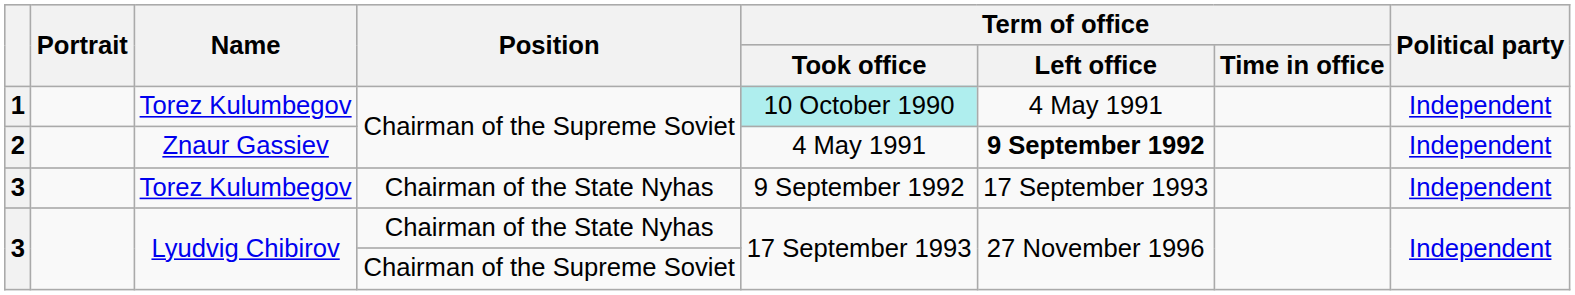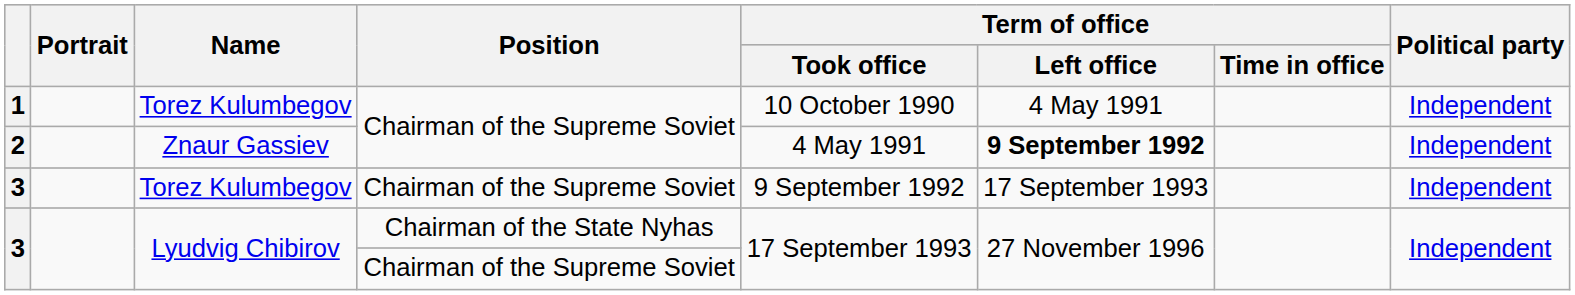 <table class="wikitable" style="text-align:center">
 <tr>
 <th rowspan=2></th>
 <th rowspan=2>Portrait</th>
 <th rowspan=2>Name<br></th>
 <th rowspan=2>Position</th>
 <th colspan=3>Term of office</th>
 <th rowspan=2>Political party</th>
 </tr>
 <tr>
 <th>Took office</th>
 <th>Left office</th>
 <th>Time in office</th>
 </tr>
 <tr>
 <th style="background:">1</th>
 <td></td>
 <td><a href='#'>Torez Kulumbegov</a><br></td>
 <td rowspan=2>Chairman of the Supreme Soviet</td>
-<td style="background: paleturquoise;">10 October 1990</td>
+<td>10 October 1990</td>
 <td>4 May 1991</td>
 <td></td>
 <td><a href='#'>Independent</a></td>
 </tr>
 <tr>
 <th style="background:">2</th>
 <td></td>
 <td><a href='#'>Znaur Gassiev</a><br></td>
 <td>4 May 1991</td>
 <td><strong>9 September 1992</strong></td>
 <td></td>
 <td><a href='#'>Independent</a></td>
 </tr>
 <tr>
 <th style="background:">3</th>
 <td></td>
 <td><a href='#'>Torez Kulumbegov</a><br></td>
-<td>Chairman of the State Nyhas</td>
+<td>Chairman of the Supreme Soviet<br></td>
 <td>9 September 1992</td>
 <td>17 September 1993</td>
 <td></td>
 <td><a href='#'>Independent</a></td>
 </tr>
 <tr>
 <th rowspan=2 style="background:">3</th>
 <td rowspan=2></td>
 <td rowspan=2><a href='#'>Lyudvig Chibirov</a><br></td>
 <td>Chairman of the State Nyhas<br></td>
 <td rowspan=2>17 September 1993</td>
 <td rowspan=2>27 November 1996</td>
 <td rowspan=2></td>
 <td rowspan=2><a href='#'>Independent</a></td>
 </tr>
 <tr>
 <td>Chairman of the Supreme Soviet<br></td>
 </tr>
 </table>
